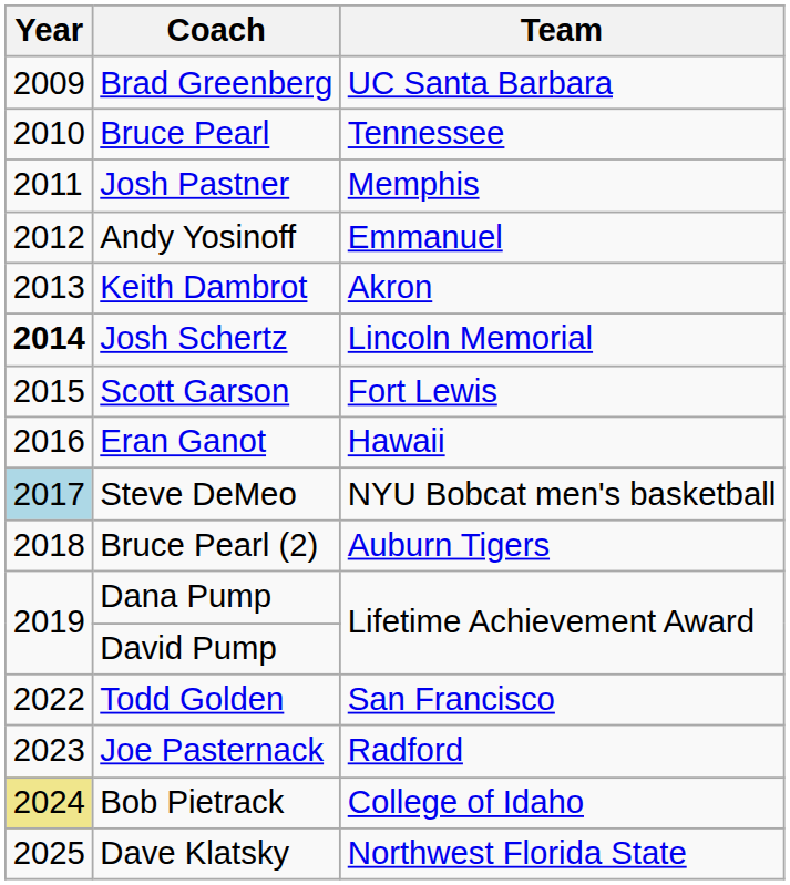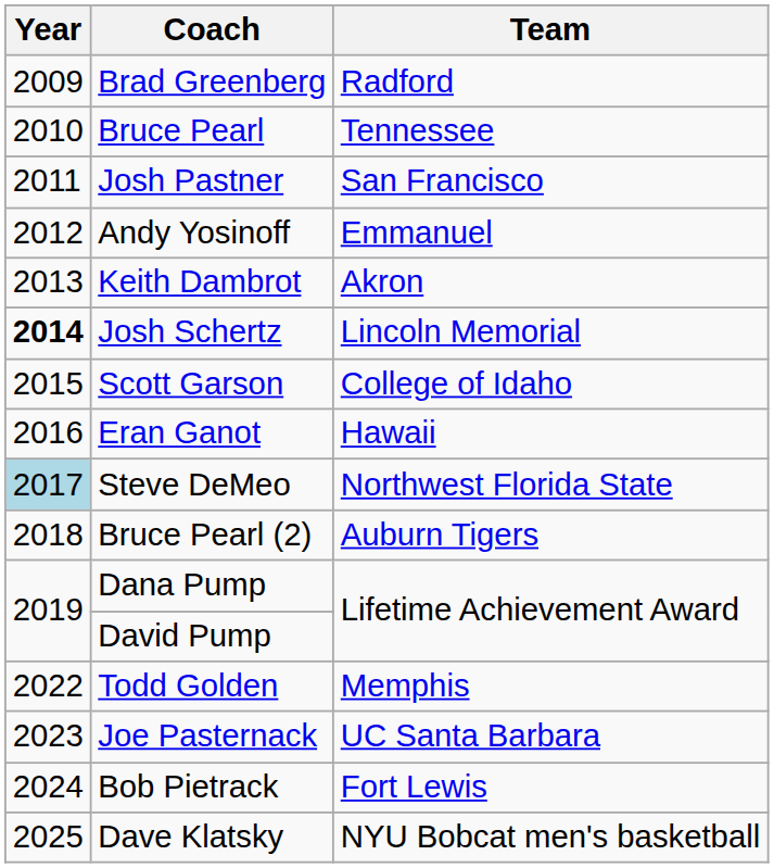 <table class="wikitable">
 <tr>
 <th>Year</th>
 <th>Coach</th>
 <th>Team</th>
 </tr>
 <tr>
 <td>2009</td>
 <td><a href='#'>Brad Greenberg</a></td>
-<td><a href='#'>UC Santa Barbara</a></td>
+<td><a href='#'>Radford</a></td>
 </tr>
 <tr>
 <td>2010</td>
 <td><a href='#'>Bruce Pearl</a></td>
 <td><a href='#'>Tennessee</a></td>
 </tr>
 <tr>
 <td>2011</td>
 <td><a href='#'>Josh Pastner</a></td>
-<td><a href='#'>Memphis</a></td>
+<td><a href='#'>San Francisco</a></td>
 </tr>
 <tr>
 <td>2012</td>
 <td>Andy Yosinoff</td>
 <td><a href='#'>Emmanuel</a></td>
 </tr>
 <tr>
 <td>2013</td>
 <td><a href='#'>Keith Dambrot</a></td>
 <td><a href='#'>Akron</a></td>
 </tr>
 <tr>
 <td><strong>2014</strong></td>
 <td><a href='#'>Josh Schertz</a></td>
 <td><a href='#'>Lincoln Memorial</a></td>
 </tr>
 <tr>
 <td>2015</td>
 <td><a href='#'>Scott Garson</a></td>
-<td><a href='#'>Fort Lewis</a></td>
+<td><a href='#'>College of Idaho</a></td>
 </tr>
 <tr>
 <td>2016</td>
 <td><a href='#'>Eran Ganot</a></td>
 <td><a href='#'>Hawaii</a></td>
 </tr>
 <tr>
 <td style="background: lightblue;">2017</td>
 <td>Steve DeMeo</td>
-<td>NYU Bobcat men's basketball</td>
+<td><a href='#'>Northwest Florida State</a></td>
 </tr>
 <tr>
 <td>2018</td>
 <td>Bruce Pearl (2)</td>
 <td><a href='#'>Auburn Tigers</a></td>
 </tr>
 <tr>
 <td rowspan="2">2019</td>
 <td>Dana Pump</td>
 <td rowspan="2">Lifetime Achievement Award</td>
 </tr>
 <tr>
 <td>David Pump</td>
 </tr>
 <tr>
 <td>2022</td>
 <td><a href='#'>Todd Golden</a></td>
-<td><a href='#'>San Francisco</a></td>
+<td><a href='#'>Memphis</a></td>
 </tr>
 <tr>
 <td>2023</td>
 <td><a href='#'>Joe Pasternack</a></td>
-<td><a href='#'>Radford</a></td>
+<td><a href='#'>UC Santa Barbara</a></td>
 </tr>
 <tr>
-<td style="background: khaki;">2024</td>
+<td>2024</td>
 <td>Bob Pietrack</td>
-<td><a href='#'>College of Idaho</a></td>
+<td><a href='#'>Fort Lewis</a></td>
 </tr>
 <tr>
 <td>2025</td>
 <td>Dave Klatsky</td>
-<td><a href='#'>Northwest Florida State</a></td>
+<td>NYU Bobcat men's basketball</td>
 </tr>
 </table>
